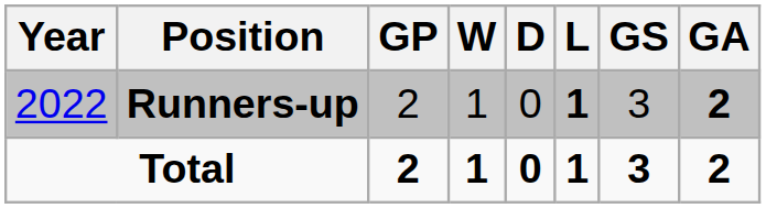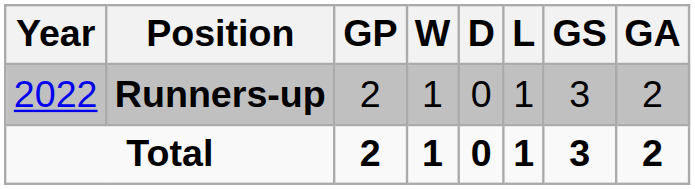 <table class="wikitable" style="text-align: center;">
 <tr>
 <th>Year</th>
 <th>Position</th>
 <th>GP</th>
 <th>W</th>
 <th>D</th>
 <th>L</th>
 <th>GS</th>
 <th>GA</th>
 </tr>
 <tr style="background:Silver;">
 <td> <a href='#'>2022</a></td>
 <td><strong>Runners-up</strong></td>
 <td>2</td>
 <td>1</td>
 <td>0</td>
-<td><strong>1</strong></td>
+<td>1</td>
 <td>3</td>
-<td><strong>2</strong></td>
+<td>2</td>
 </tr>
 <tr>
 <td colspan=2><strong>Total</strong></td>
 <td><strong>2</strong></td>
 <td><strong>1</strong></td>
 <td><strong>0</strong></td>
 <td><strong>1</strong></td>
 <td><strong>3</strong></td>
 <td><strong>2</strong></td>
 </tr>
 </table>
